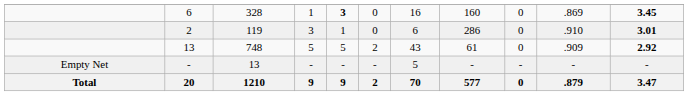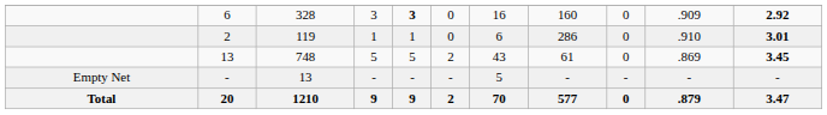 <table class="wikitable sortable" width ="1000">
 <tr align="center">
 </tr>
 <tr align="center" bgcolor="">
 <td></td>
 <td>6</td>
 <td>328</td>
-<td>1</td>
+<td>3</td>
 <td><strong>3</strong></td>
 <td>0</td>
 <td>16</td>
 <td>160</td>
 <td>0</td>
-<td>.869</td>
-<td><strong>3.45</strong></td>
+<td>.909</td>
+<td><strong>2.92</strong></td>
 </tr>
 <tr align="center" bgcolor="f0f0f0">
 <td></td>
 <td>2</td>
 <td>119</td>
-<td>3</td>
+<td>1</td>
 <td>1</td>
 <td>0</td>
 <td>6</td>
 <td>286</td>
 <td>0</td>
 <td>.910</td>
 <td><strong>3.01</strong></td>
 </tr>
 <tr align="center" bgcolor="">
 <td></td>
 <td>13</td>
 <td>748</td>
 <td>5</td>
 <td>5</td>
 <td>2</td>
 <td>43</td>
 <td>61</td>
 <td>0</td>
-<td>.909</td>
-<td><strong>2.92</strong></td>
+<td>.869</td>
+<td><strong>3.45</strong></td>
 </tr>
 <tr align="center" bgcolor="f0f0f0">
 <td>Empty Net</td>
 <td>-</td>
 <td>13</td>
 <td>-</td>
 <td>-</td>
 <td>-</td>
 <td>5</td>
 <td>-</td>
 <td>-</td>
 <td>-</td>
 <td>-</td>
 </tr>
 <tr>
 <th>Total</th>
 <th>20</th>
 <th>1210</th>
 <th>9</th>
 <th>9</th>
 <th>2</th>
 <th>70</th>
 <th>577</th>
 <th>0</th>
 <th>.879</th>
 <th>3.47</th>
 </tr>
 </table>
